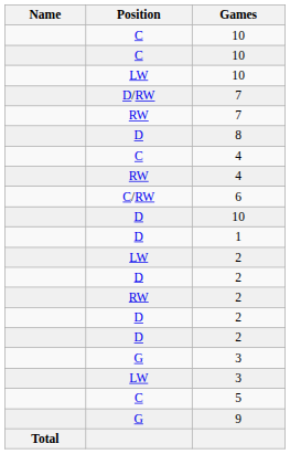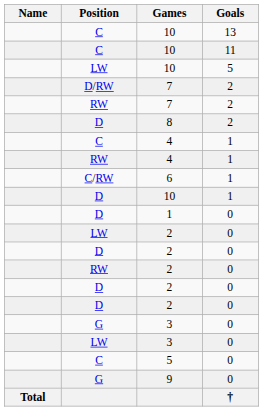 <table class="wikitable sortable" width ="40%">
 <tr align="center">
 <th><strong>Name</strong></th>
 <th><strong>Position</strong></th>
 <th><strong>Games</strong></th>
+<th><strong>Goals</strong></th>
 </tr>
 <tr align="center" bgcolor="">
 <td></td>
 <td><a href='#'>C</a></td>
 <td>10</td>
+<td>13</td>
 </tr>
 <tr align="center" bgcolor="f0f0f0">
 <td></td>
 <td><a href='#'>C</a></td>
 <td>10</td>
+<td>11</td>
 </tr>
 <tr align="center" bgcolor="">
 <td></td>
 <td><a href='#'>LW</a></td>
 <td>10</td>
+<td>5</td>
 </tr>
 <tr align="center" bgcolor="f0f0f0">
 <td></td>
 <td><a href='#'>D</a>/<a href='#'>RW</a></td>
 <td>7</td>
+<td>2</td>
 </tr>
 <tr align="center" bgcolor="">
 <td></td>
 <td><a href='#'>RW</a></td>
 <td>7</td>
+<td>2</td>
 </tr>
 <tr align="center" bgcolor="f0f0f0">
 <td></td>
 <td><a href='#'>D</a></td>
 <td>8</td>
+<td>2</td>
 </tr>
 <tr align="center" bgcolor="">
 <td></td>
 <td><a href='#'>C</a></td>
 <td>4</td>
+<td>1</td>
 </tr>
 <tr align="center" bgcolor="f0f0f0">
 <td></td>
 <td><a href='#'>RW</a></td>
 <td>4</td>
+<td>1</td>
 </tr>
 <tr align="center" bgcolor="">
 <td></td>
 <td><a href='#'>C</a>/<a href='#'>RW</a></td>
 <td>6</td>
+<td>1</td>
 </tr>
 <tr align="center" bgcolor="f0f0f0">
 <td></td>
 <td><a href='#'>D</a></td>
 <td>10</td>
+<td>1</td>
 </tr>
 <tr align="center" bgcolor="">
 <td></td>
 <td><a href='#'>D</a></td>
 <td>1</td>
+<td>0</td>
 </tr>
 <tr align="center" bgcolor="f0f0f0">
 <td></td>
 <td><a href='#'>LW</a></td>
 <td>2</td>
+<td>0</td>
 </tr>
 <tr align="center" bgcolor="">
 <td></td>
 <td><a href='#'>D</a></td>
 <td>2</td>
+<td>0</td>
 </tr>
 <tr align="center" bgcolor="f0f0f0">
 <td></td>
 <td><a href='#'>RW</a></td>
 <td>2</td>
+<td>0</td>
 </tr>
 <tr align="center" bgcolor="">
 <td></td>
 <td><a href='#'>D</a></td>
 <td>2</td>
+<td>0</td>
 </tr>
 <tr align="center" bgcolor="f0f0f0">
 <td></td>
 <td><a href='#'>D</a></td>
 <td>2</td>
+<td>0</td>
 </tr>
 <tr align="center" bgcolor="">
 <td></td>
 <td><a href='#'>G</a></td>
 <td>3</td>
+<td>0</td>
 </tr>
 <tr align="center" bgcolor="f0f0f0">
 <td></td>
 <td><a href='#'>LW</a></td>
 <td>3</td>
+<td>0</td>
 </tr>
 <tr align="center" bgcolor="">
 <td></td>
 <td><a href='#'>C</a></td>
 <td>5</td>
+<td>0</td>
 </tr>
 <tr align="center" bgcolor="f0f0f0">
 <td></td>
 <td><a href='#'>G</a></td>
 <td>9</td>
+<td>0</td>
 </tr>
 <tr>
 <th>Total</th>
 <th></th>
 <th></th>
+<th>†</th>
 </tr>
 </table>
